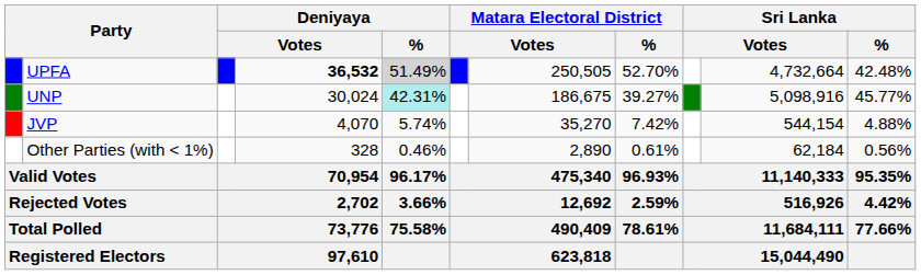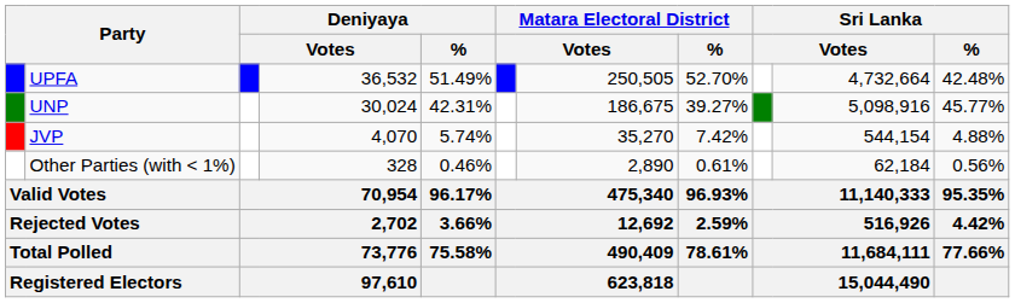 <table class="wikitable">
 <tr>
 <th colspan="2" width="144px"rowspan="2">Party</th>
 <th colspan="3" width="216px">Deniyaya</th>
 <th colspan="3" width="216px"><a href='#'>Matara Electoral District</a></th>
 <th colspan="3" width="216px">Sri Lanka</th>
 </tr>
 <tr>
 <th colspan="2" width="144px">Votes</th>
 <th>%</th>
 <th colspan="2" width="144px">Votes</th>
 <th>%</th>
 <th colspan="2" width="144px">Votes</th>
 <th>%</th>
 </tr>
 <tr>
 <td style="background-color:blue;" width="10px"></td>
 <td style="text-align:left;"><a href='#'>UPFA</a></td>
 <td style="background-color:blue;" width="10px"></td>
-<td style="text-align:right;"><strong>36,532</strong></td>
-<td style="background: lightgrey; text-align:right;">51.49%</td>
+<td style="text-align:right;">36,532</td>
+<td style="text-align:right;">51.49%</td>
 <td style="background-color:blue;" width="10px"></td>
 <td style="text-align:right;">250,505</td>
 <td style="text-align:right;">52.70%</td>
 <td style="background-color:white;" width="10px"></td>
 <td style="text-align:right;">4,732,664</td>
 <td style="text-align:right;">42.48%</td>
 </tr>
 <tr>
 <td style="background-color:green;" width="10px"></td>
 <td style="text-align:left;"><a href='#'>UNP</a></td>
 <td style="background-color:white;" width="10px"></td>
 <td style="text-align:right;">30,024</td>
-<td style="background: paleturquoise; text-align:right;">42.31%</td>
+<td style="text-align:right;">42.31%</td>
 <td style="background-color:white;" width="10px"></td>
 <td style="text-align:right;">186,675</td>
 <td style="text-align:right;">39.27%</td>
 <td style="background-color:green;" width="10px"></td>
 <td style="text-align:right;">5,098,916</td>
 <td style="text-align:right;">45.77%</td>
 </tr>
 <tr>
 <td style="background-color:red;" width="10px"></td>
 <td style="text-align:left;"><a href='#'>JVP</a></td>
 <td style="background-color:white;" width="10px"></td>
 <td style="text-align:right;">4,070</td>
 <td style="text-align:right;">5.74%</td>
 <td style="background-color:white;" width="10px"></td>
 <td style="text-align:right;">35,270</td>
 <td style="text-align:right;">7.42%</td>
 <td style="background-color:white;" width="10px"></td>
 <td style="text-align:right;">544,154</td>
 <td style="text-align:right;">4.88%</td>
 </tr>
 <tr>
 <td style="background-color:white;" width="10px"></td>
 <td style="text-align:left;">Other Parties (with < 1%)</td>
 <td style="background-color:white;" width="10px"></td>
 <td style="text-align:right;">328</td>
 <td style="text-align:right;">0.46%</td>
 <td style="background-color:white;" width="10px"></td>
 <td style="text-align:right;">2,890</td>
 <td style="text-align:right;">0.61%</td>
 <td style="background-color:white;" width="10px"></td>
 <td style="text-align:right;">62,184</td>
 <td style="text-align:right;">0.56%</td>
 </tr>
 <tr>
 <th colspan="2" width="144px"style="text-align:left;">Valid Votes</th>
 <th style="text-align:right;"colspan="2" width="144px">70,954</th>
 <th style="text-align:right;">96.17%</th>
 <th style="text-align:right;"colspan="2" width="144px">475,340</th>
 <th style="text-align:right;">96.93%</th>
 <th style="text-align:right;"colspan="2" width="144px">11,140,333</th>
 <th style="text-align:right;">95.35%</th>
 </tr>
 <tr>
 <th colspan="2" width="144px"style="text-align:left;">Rejected Votes</th>
 <th style="text-align:right;"colspan="2" width="144px">2,702</th>
 <th style="text-align:right;">3.66%</th>
 <th style="text-align:right;"colspan="2" width="144px">12,692</th>
 <th style="text-align:right;">2.59%</th>
 <th style="text-align:right;"colspan="2" width="144px">516,926</th>
 <th style="text-align:right;">4.42%</th>
 </tr>
 <tr>
 <th colspan="2" width="144px"style="text-align:left;">Total Polled</th>
 <th style="text-align:right;"colspan="2" width="144px">73,776</th>
 <th style="text-align:right;">75.58%</th>
 <th style="text-align:right;"colspan="2" width="144px">490,409</th>
 <th style="text-align:right;">78.61%</th>
 <th style="text-align:right;"colspan="2" width="144px">11,684,111</th>
 <th style="text-align:right;">77.66%</th>
 </tr>
 <tr>
 <th colspan="2" width="144px"style="text-align:left;">Registered Electors</th>
 <th style="text-align:right;"colspan="2" width="144px">97,610</th>
 <th></th>
 <th style="text-align:right;"colspan="2" width="144px">623,818</th>
 <th></th>
 <th style="text-align:right;"colspan="2" width="144px">15,044,490</th>
 <th></th>
 </tr>
 </table>
